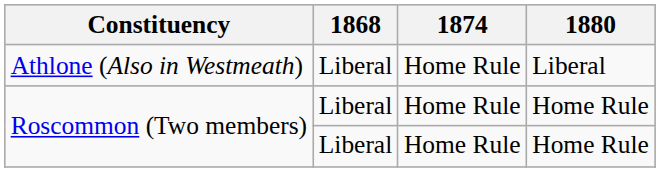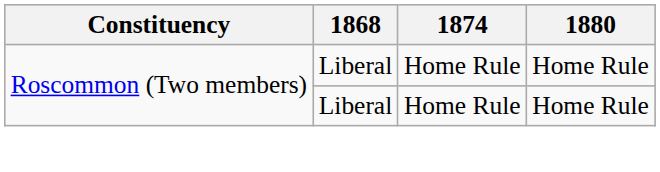 <table class="wikitable">
 <tr>
 <th>Constituency</th>
 <th>1868</th>
 <th>1874</th>
 <th>1880</th>
-</tr>
-<tr>
-<td><a href='#'>Athlone</a> (<em>Also in Westmeath</em>)</td>
-<td>Liberal</td>
-<td>Home Rule</td>
-<td>Liberal</td>
 </tr>
 <tr>
 <td rowspan="2"><a href='#'>Roscommon</a> (Two members)</td>
 <td>Liberal</td>
 <td>Home Rule</td>
 <td>Home Rule</td>
 </tr>
 <tr>
 <td>Liberal</td>
 <td>Home Rule</td>
 <td>Home Rule</td>
 </tr>
 </table>
